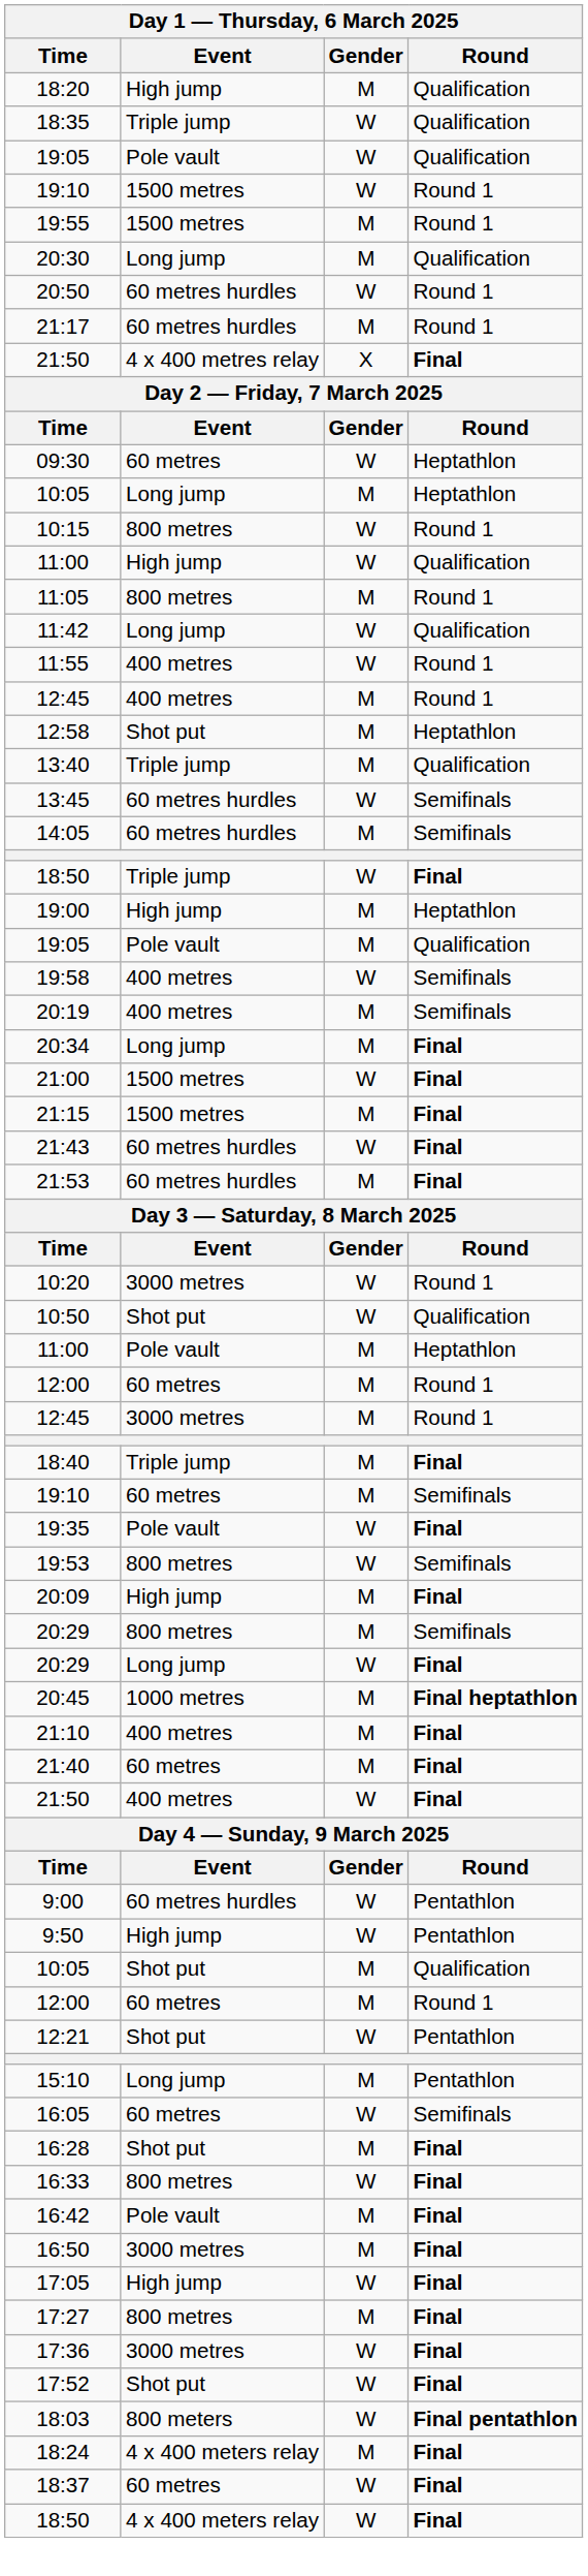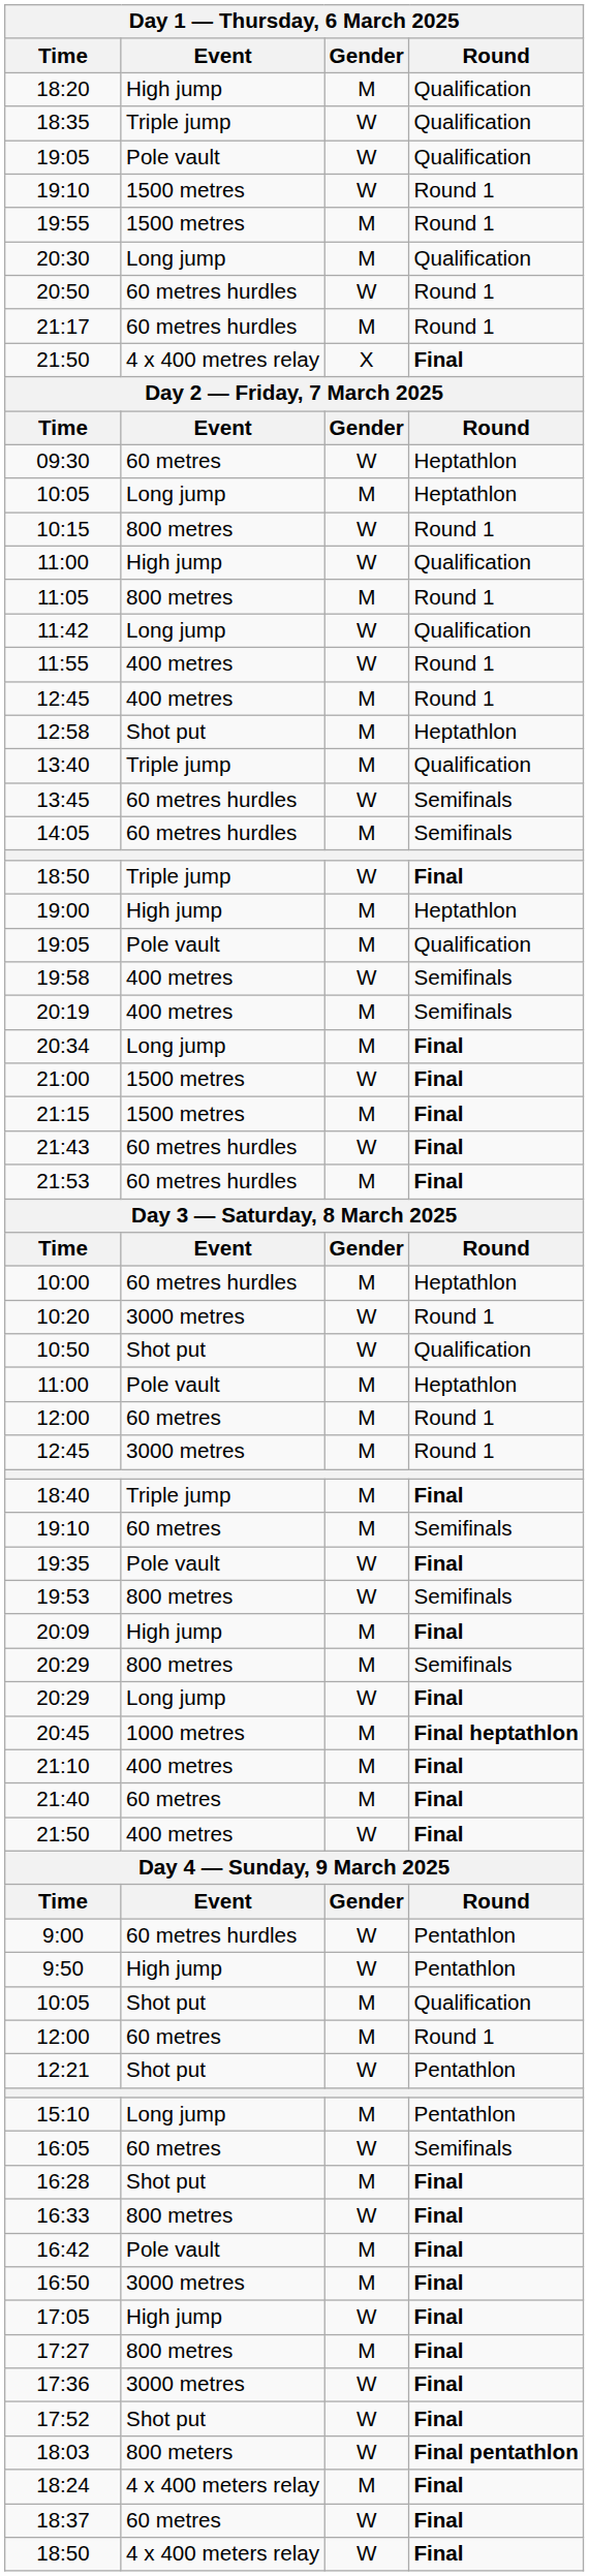 <table class="wikitable collapsible collapsed" style="border:0; position:relative; font-size:100%;">
 <tr>
 <th colspan=4>Day 1 — Thursday, 6 March 2025</th>
 </tr>
 <tr>
 <th style="width:5em"><strong>Time</strong></th>
 <th><strong>Event</strong></th>
 <th><strong>Gender</strong></th>
 <th><strong>Round</strong></th>
 </tr>
 <tr>
 <td align=center>18:20</td>
 <td>High jump</td>
 <td align=center>M</td>
 <td>Qualification</td>
 </tr>
 <tr>
 <td align=center>18:35</td>
 <td>Triple jump</td>
 <td align=center>W</td>
 <td>Qualification</td>
 </tr>
 <tr>
 <td align=center>19:05</td>
 <td>Pole vault</td>
 <td align=center>W</td>
 <td>Qualification</td>
 </tr>
 <tr>
 <td align=center>19:10</td>
 <td>1500 metres</td>
 <td align=center>W</td>
 <td>Round 1</td>
 </tr>
 <tr>
 <td align=center>19:55</td>
 <td>1500 metres</td>
 <td align=center>M</td>
 <td>Round 1</td>
 </tr>
 <tr>
 <td align=center>20:30</td>
 <td>Long jump</td>
 <td align=center>M</td>
 <td>Qualification</td>
 </tr>
 <tr>
 <td align=center>20:50</td>
 <td>60 metres hurdles</td>
 <td align=center>W</td>
 <td>Round 1</td>
 </tr>
 <tr>
 <td align=center>21:17</td>
 <td>60 metres hurdles</td>
 <td align=center>M</td>
 <td>Round 1</td>
 </tr>
 <tr>
 <td align=center>21:50</td>
 <td>4 x 400 metres relay</td>
 <td align=center>X</td>
 <td><strong>Final</strong></td>
 </tr>
 <tr>
 <th colspan=4>Day 2 — Friday, 7 March 2025</th>
 </tr>
 <tr>
 <th><strong>Time</strong></th>
 <th><strong>Event</strong></th>
 <th><strong>Gender</strong></th>
 <th><strong>Round</strong></th>
 </tr>
 <tr>
 <td align=center>09:30</td>
 <td>60 metres</td>
 <td align=center>W</td>
 <td>Heptathlon</td>
 </tr>
 <tr>
 <td align=center>10:05</td>
 <td>Long jump</td>
 <td align=center>M</td>
 <td>Heptathlon</td>
 </tr>
 <tr>
 <td align=center>10:15</td>
 <td>800 metres</td>
 <td align=center>W</td>
 <td>Round 1</td>
 </tr>
 <tr>
 <td align=center>11:00</td>
 <td>High jump</td>
 <td align=center>W</td>
 <td>Qualification</td>
 </tr>
 <tr>
 <td align=center>11:05</td>
 <td>800 metres</td>
 <td align=center>M</td>
 <td>Round 1</td>
 </tr>
 <tr>
 <td align=center>11:42</td>
 <td>Long jump</td>
 <td align=center>W</td>
 <td>Qualification</td>
 </tr>
 <tr>
 <td align=center>11:55</td>
 <td>400 metres</td>
 <td align=center>W</td>
 <td>Round 1</td>
 </tr>
 <tr>
 <td align=center>12:45</td>
 <td>400 metres</td>
 <td align=center>M</td>
 <td>Round 1</td>
 </tr>
 <tr>
 <td align=center>12:58</td>
 <td>Shot put</td>
 <td align=center>M</td>
 <td>Heptathlon</td>
 </tr>
 <tr>
 <td align=center>13:40</td>
 <td>Triple jump</td>
 <td align=center>M</td>
 <td>Qualification</td>
 </tr>
 <tr>
 <td align=center>13:45</td>
 <td>60 metres hurdles</td>
 <td align=center>W</td>
 <td>Semifinals</td>
 </tr>
 <tr>
 <td align=center>14:05</td>
 <td>60 metres hurdles</td>
 <td align=center>M</td>
 <td>Semifinals</td>
 </tr>
 <tr>
 <th colspan=4></th>
 </tr>
 <tr>
 <td align=center>18:50</td>
 <td>Triple jump</td>
 <td align=center>W</td>
 <td><strong>Final</strong></td>
 </tr>
 <tr>
 <td align=center>19:00</td>
 <td>High jump</td>
 <td align=center>M</td>
 <td>Heptathlon</td>
 </tr>
 <tr>
 <td align=center>19:05</td>
 <td>Pole vault</td>
 <td align=center>M</td>
 <td>Qualification</td>
 </tr>
 <tr>
 <td align=center>19:58</td>
 <td>400 metres</td>
 <td align=center>W</td>
 <td>Semifinals</td>
 </tr>
 <tr>
 <td align=center>20:19</td>
 <td>400 metres</td>
 <td align=center>M</td>
 <td>Semifinals</td>
 </tr>
 <tr>
 <td align=center>20:34</td>
 <td>Long jump</td>
 <td align=center>M</td>
 <td><strong>Final</strong></td>
 </tr>
 <tr>
 <td align=center>21:00</td>
 <td>1500 metres</td>
 <td align=center>W</td>
 <td><strong>Final</strong></td>
 </tr>
 <tr>
 <td align=center>21:15</td>
 <td>1500 metres</td>
 <td align=center>M</td>
 <td><strong>Final</strong></td>
 </tr>
 <tr>
 <td align=center>21:43</td>
 <td>60 metres hurdles</td>
 <td align=center>W</td>
 <td><strong>Final</strong></td>
 </tr>
 <tr>
 <td align=center>21:53</td>
 <td>60 metres hurdles</td>
 <td align=center>M</td>
 <td><strong>Final</strong></td>
 </tr>
 <tr>
 <th colspan=4>Day 3 — Saturday, 8 March 2025</th>
 </tr>
 <tr>
 <th><strong>Time</strong></th>
 <th><strong>Event</strong></th>
 <th><strong>Gender</strong></th>
 <th><strong>Round</strong></th>
+</tr>
+<tr>
+<td align=center>10:00</td>
+<td>60 metres hurdles</td>
+<td align=center>M</td>
+<td>Heptathlon</td>
 </tr>
 <tr>
 <td align=center>10:20</td>
 <td>3000 metres</td>
 <td align=center>W</td>
 <td>Round 1</td>
 </tr>
 <tr>
 <td align=center>10:50</td>
 <td>Shot put</td>
 <td align=center>W</td>
 <td>Qualification</td>
 </tr>
 <tr>
 <td align=center>11:00</td>
 <td>Pole vault</td>
 <td align=center>M</td>
 <td>Heptathlon</td>
 </tr>
 <tr>
 <td align=center>12:00</td>
 <td>60 metres</td>
 <td align=center>M</td>
 <td>Round 1</td>
 </tr>
 <tr>
 <td align=center>12:45</td>
 <td>3000 metres</td>
 <td align=center>M</td>
 <td>Round 1</td>
 </tr>
 <tr>
 <th colspan=4></th>
 </tr>
 <tr>
 <td align=center>18:40</td>
 <td>Triple jump</td>
 <td align=center>M</td>
 <td><strong>Final</strong></td>
 </tr>
 <tr>
 <td align=center>19:10</td>
 <td>60 metres</td>
 <td align=center>M</td>
 <td>Semifinals</td>
 </tr>
 <tr>
 <td align=center>19:35</td>
 <td>Pole vault</td>
 <td align=center>W</td>
 <td><strong>Final</strong></td>
 </tr>
 <tr>
 <td align=center>19:53</td>
 <td>800 metres</td>
 <td align=center>W</td>
 <td>Semifinals</td>
 </tr>
 <tr>
 <td align=center>20:09</td>
 <td>High jump</td>
 <td align=center>M</td>
 <td><strong>Final</strong></td>
 </tr>
 <tr>
 <td align=center>20:29</td>
 <td>800 metres</td>
 <td align=center>M</td>
 <td>Semifinals</td>
 </tr>
 <tr>
 <td align=center>20:29</td>
 <td>Long jump</td>
 <td align=center>W</td>
 <td><strong>Final</strong></td>
 </tr>
 <tr>
 <td align=center>20:45</td>
 <td>1000 metres</td>
 <td align=center>M</td>
 <td><strong>Final heptathlon</strong></td>
 </tr>
 <tr>
 <td align=center>21:10</td>
 <td>400 metres</td>
 <td align=center>M</td>
 <td><strong>Final</strong></td>
 </tr>
 <tr>
 <td align=center>21:40</td>
 <td>60 metres</td>
 <td align=center>M</td>
 <td><strong>Final</strong></td>
 </tr>
 <tr>
 <td align=center>21:50</td>
 <td>400 metres</td>
 <td align=center>W</td>
 <td><strong>Final</strong></td>
 </tr>
 <tr>
 <th colspan=4>Day 4 — Sunday, 9 March 2025</th>
 </tr>
 <tr>
 <th><strong>Time</strong></th>
 <th><strong>Event</strong></th>
 <th><strong>Gender</strong></th>
 <th><strong>Round</strong></th>
 </tr>
 <tr>
 <td align=center>9:00</td>
 <td>60 metres hurdles</td>
 <td align=center>W</td>
 <td>Pentathlon</td>
 </tr>
 <tr>
 <td align=center>9:50</td>
 <td>High jump</td>
 <td align=center>W</td>
 <td>Pentathlon</td>
 </tr>
 <tr>
 <td align=center>10:05</td>
 <td>Shot put</td>
 <td align=center>M</td>
 <td>Qualification</td>
 </tr>
 <tr>
 <td align=center>12:00</td>
 <td>60 metres</td>
 <td align=center>M</td>
 <td>Round 1</td>
 </tr>
 <tr>
 <td align=center>12:21</td>
 <td>Shot put</td>
 <td align=center>W</td>
 <td>Pentathlon</td>
 </tr>
 <tr>
 <th colspan=4></th>
 </tr>
 <tr>
 <td align=center>15:10</td>
 <td>Long jump</td>
 <td align=center>M</td>
 <td>Pentathlon</td>
 </tr>
 <tr>
 <td align=center>16:05</td>
 <td>60 metres</td>
 <td align=center>W</td>
 <td>Semifinals</td>
 </tr>
 <tr>
 <td align=center>16:28</td>
 <td>Shot put</td>
 <td align=center>M</td>
 <td><strong>Final</strong></td>
 </tr>
 <tr>
 <td align=center>16:33</td>
 <td>800 metres</td>
 <td align=center>W</td>
 <td><strong>Final</strong></td>
 </tr>
 <tr>
 <td align=center>16:42</td>
 <td>Pole vault</td>
 <td align=center>M</td>
 <td><strong>Final</strong></td>
 </tr>
 <tr>
 <td align=center>16:50</td>
 <td>3000 metres</td>
 <td align=center>M</td>
 <td><strong>Final</strong></td>
 </tr>
 <tr>
 <td align=center>17:05</td>
 <td>High jump</td>
 <td align=center>W</td>
 <td><strong>Final</strong></td>
 </tr>
 <tr>
 <td align=center>17:27</td>
 <td>800 metres</td>
 <td align=center>M</td>
 <td><strong>Final</strong></td>
 </tr>
 <tr>
 <td align=center>17:36</td>
 <td>3000 metres</td>
 <td align=center>W</td>
 <td><strong>Final</strong></td>
 </tr>
 <tr>
 <td align=center>17:52</td>
 <td>Shot put</td>
 <td align=center>W</td>
 <td><strong>Final</strong></td>
 </tr>
 <tr>
 <td align=center>18:03</td>
 <td>800 meters</td>
 <td align=center>W</td>
 <td><strong>Final pentathlon</strong></td>
 </tr>
 <tr>
 <td align=center>18:24</td>
 <td>4 x 400 meters relay</td>
 <td align=center>M</td>
 <td><strong>Final</strong></td>
 </tr>
 <tr>
 <td align=center>18:37</td>
 <td>60 metres</td>
 <td align=center>W</td>
 <td><strong>Final</strong></td>
 </tr>
 <tr>
 <td align=center>18:50</td>
 <td>4 x 400 meters relay</td>
 <td align=center>W</td>
 <td><strong>Final</strong></td>
 </tr>
 </table>
